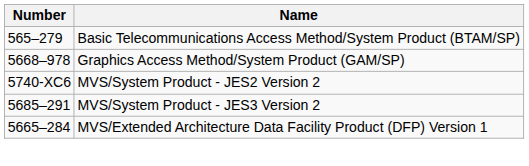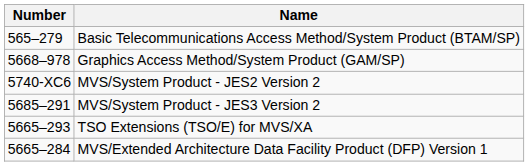 <table class="wikitable">
 <tr>
 <th>Number</th>
 <th style="align:left;">Name</th>
 </tr>
 <tr>
 <td>565–279</td>
 <td>Basic Telecommunications Access Method/System Product (BTAM/SP)</td>
 </tr>
 <tr>
 <td>5668–978</td>
 <td>Graphics Access Method/System Product (GAM/SP)</td>
 </tr>
 <tr>
 <td>5740-XC6</td>
 <td>MVS/System Product - JES2 Version 2</td>
 </tr>
 <tr>
 <td>5685–291</td>
 <td>MVS/System Product - JES3 Version 2</td>
 </tr>
 <tr>
+<td>5665–293</td>
+<td>TSO Extensions (TSO/E) for MVS/XA</td>
+</tr>
+<tr>
 <td>5665–284</td>
 <td>MVS/Extended Architecture Data Facility Product (DFP) Version 1</td>
 </tr>
 </table>
